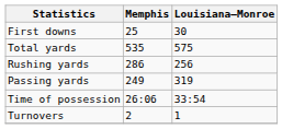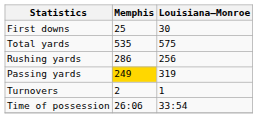 <table class="wikitable" style="float: right;">
 <tr>
 <th>Statistics</th>
 <th>Memphis</th>
 <th>Louisiana–Monroe</th>
 </tr>
 <tr>
 <td>First downs</td>
 <td>25</td>
 <td>30</td>
 </tr>
 <tr>
 <td>Total yards</td>
 <td>535</td>
 <td>575</td>
 </tr>
 <tr>
 <td>Rushing yards</td>
 <td>286</td>
 <td>256</td>
 </tr>
 <tr>
 <td>Passing yards</td>
-<td>249</td>
+<td style="background: gold;">249</td>
 <td>319</td>
+</tr>
+<tr>
+<td>Turnovers</td>
+<td>2</td>
+<td>1</td>
 </tr>
 <tr>
 <td>Time of possession</td>
 <td>26:06</td>
 <td>33:54</td>
 </tr>
 <tr>
-<td>Turnovers</td>
-<td>2</td>
-<td>1</td>
-</tr>
-<tr>
 </tr>
 </table>
